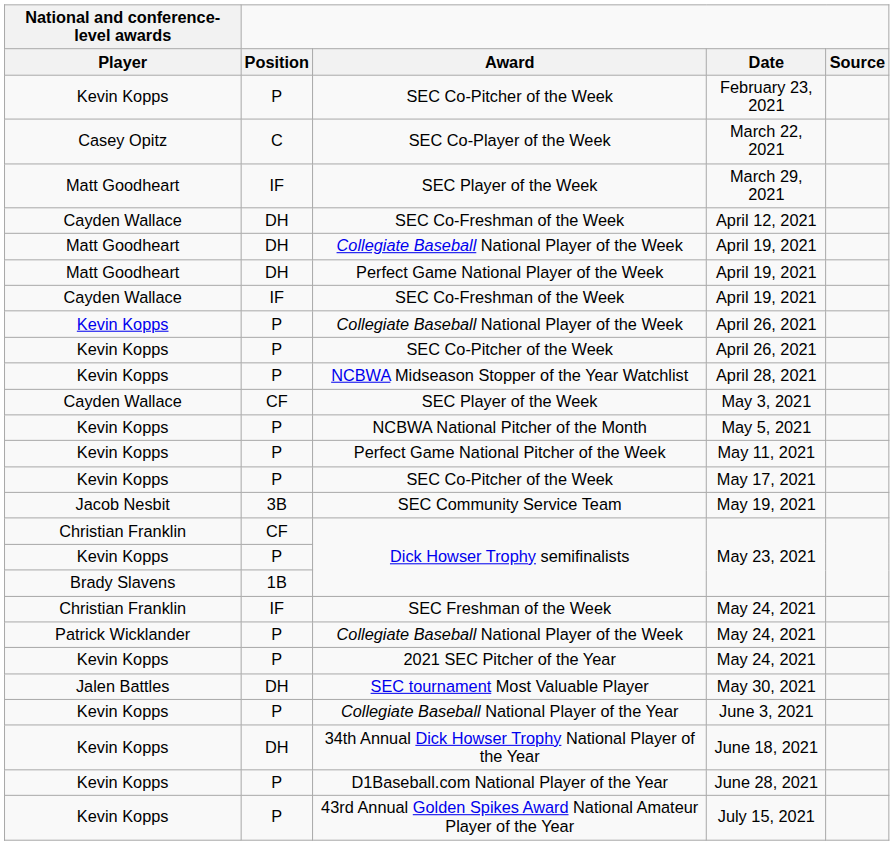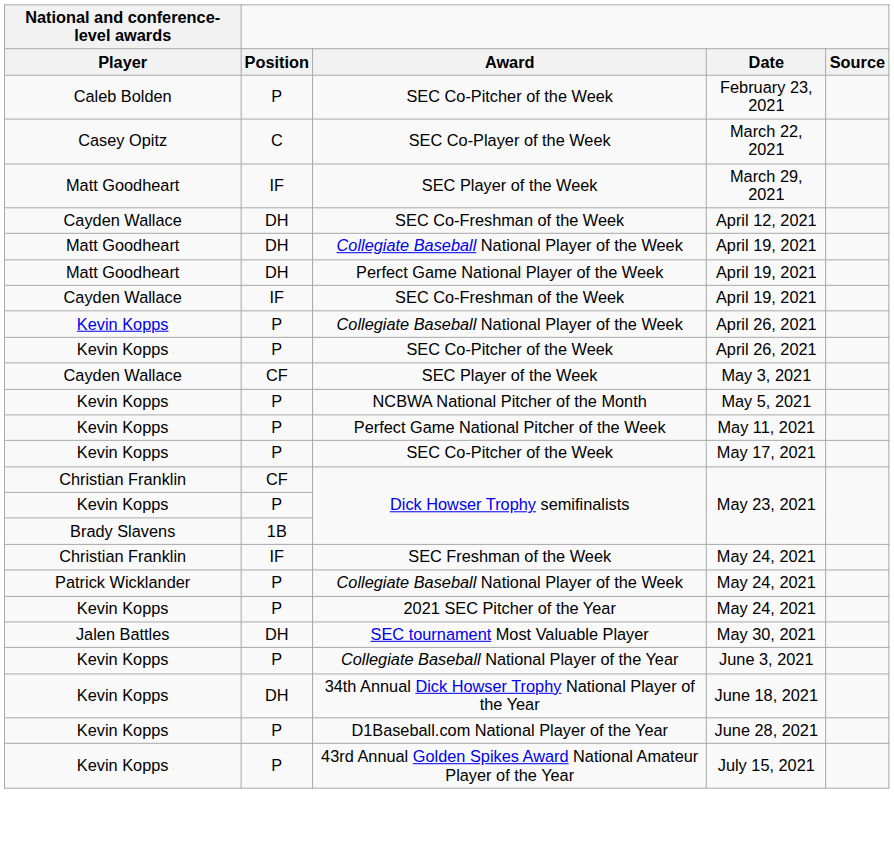 <table class="wikitable" style="text-align:center; display: inline-table">
 <tr>
 <th>National and conference-level awards</th>
 </tr>
 <tr>
 <th>Player</th>
 <th>Position</th>
 <th>Award</th>
 <th>Date</th>
 <th>Source</th>
 </tr>
 <tr>
-<td>Kevin Kopps</td>
+<td>Caleb Bolden</td>
 <td>P</td>
 <td>SEC Co-Pitcher of the Week</td>
 <td>February 23, 2021</td>
 <td></td>
 </tr>
 <tr>
 <td>Casey Opitz</td>
 <td>C</td>
 <td>SEC Co-Player of the Week</td>
 <td>March 22, 2021</td>
 <td></td>
 </tr>
 <tr>
 <td>Matt Goodheart</td>
 <td>IF</td>
 <td>SEC Player of the Week</td>
 <td>March 29, 2021</td>
 <td></td>
 </tr>
 <tr>
 <td>Cayden Wallace</td>
 <td>DH</td>
 <td>SEC Co-Freshman of the Week</td>
 <td>April 12, 2021</td>
 <td></td>
 </tr>
 <tr>
 <td>Matt Goodheart</td>
 <td>DH</td>
 <td><em><a href='#'>Collegiate Baseball</a></em> National Player of the Week</td>
 <td>April 19, 2021</td>
 <td></td>
 </tr>
 <tr>
 <td>Matt Goodheart</td>
 <td>DH</td>
 <td>Perfect Game National Player of the Week</td>
 <td>April 19, 2021</td>
 <td></td>
 </tr>
 <tr>
 <td>Cayden Wallace</td>
 <td>IF</td>
 <td>SEC Co-Freshman of the Week</td>
 <td>April 19, 2021</td>
 <td></td>
 </tr>
 <tr>
 <td><a href='#'>Kevin Kopps</a></td>
 <td>P</td>
 <td><em>Collegiate Baseball</em> National Player of the Week</td>
 <td>April 26, 2021</td>
 <td></td>
 </tr>
 <tr>
 <td>Kevin Kopps</td>
 <td>P</td>
 <td>SEC Co-Pitcher of the Week</td>
 <td>April 26, 2021</td>
 <td></td>
 </tr>
 <tr>
-<td>Kevin Kopps</td>
-<td>P</td>
-<td><a href='#'>NCBWA</a> Midseason Stopper of the Year Watchlist</td>
-<td>April 28, 2021</td>
-<td></td>
-</tr>
-<tr>
 <td>Cayden Wallace</td>
 <td>CF</td>
 <td>SEC Player of the Week</td>
 <td>May 3, 2021</td>
 <td></td>
 </tr>
 <tr>
 <td>Kevin Kopps</td>
 <td>P</td>
 <td>NCBWA National Pitcher of the Month</td>
 <td>May 5, 2021</td>
 <td></td>
 </tr>
 <tr>
 <td>Kevin Kopps</td>
 <td>P</td>
 <td>Perfect Game National Pitcher of the Week</td>
 <td>May 11, 2021</td>
 <td></td>
 </tr>
 <tr>
 <td>Kevin Kopps</td>
 <td>P</td>
 <td>SEC Co-Pitcher of the Week</td>
 <td>May 17, 2021</td>
-<td></td>
-</tr>
-<tr>
-<td>Jacob Nesbit</td>
-<td>3B</td>
-<td>SEC Community Service Team</td>
-<td>May 19, 2021</td>
 <td></td>
 </tr>
 <tr>
 <td>Christian Franklin</td>
 <td>CF</td>
 <td rowspan=3><a href='#'>Dick Howser Trophy</a> semifinalists</td>
 <td rowspan=3>May 23, 2021</td>
 <td rowspan=3></td>
 </tr>
 <tr>
 <td>Kevin Kopps</td>
 <td>P</td>
 </tr>
 <tr>
 <td>Brady Slavens</td>
 <td>1B</td>
 </tr>
 <tr>
 <td>Christian Franklin</td>
 <td>IF</td>
 <td>SEC Freshman of the Week</td>
 <td>May 24, 2021</td>
 <td></td>
 </tr>
 <tr>
 <td>Patrick Wicklander</td>
 <td>P</td>
 <td><em>Collegiate Baseball</em> National Player of the Week</td>
 <td>May 24, 2021</td>
 <td></td>
 </tr>
 <tr>
 <td>Kevin Kopps</td>
 <td>P</td>
 <td>2021 SEC Pitcher of the Year</td>
 <td>May 24, 2021</td>
 <td></td>
 </tr>
 <tr>
 <td>Jalen Battles</td>
 <td>DH</td>
 <td><a href='#'>SEC tournament</a> Most Valuable Player</td>
 <td>May 30, 2021</td>
 <td></td>
 </tr>
 <tr>
 <td>Kevin Kopps</td>
 <td>P</td>
 <td><em>Collegiate Baseball</em> National Player of the Year</td>
 <td>June 3, 2021</td>
 <td></td>
 </tr>
 <tr>
 <td>Kevin Kopps</td>
 <td>DH</td>
 <td>34th Annual <a href='#'>Dick Howser Trophy</a> National Player of the Year</td>
 <td>June 18, 2021</td>
 <td></td>
 </tr>
 <tr>
 <td>Kevin Kopps</td>
 <td>P</td>
 <td>D1Baseball.com National Player of the Year</td>
 <td>June 28, 2021</td>
 <td></td>
 </tr>
 <tr>
 <td>Kevin Kopps</td>
 <td>P</td>
 <td>43rd Annual <a href='#'>Golden Spikes Award</a> National Amateur Player of the Year</td>
 <td>July 15, 2021</td>
 <td></td>
 </tr>
 </table>
